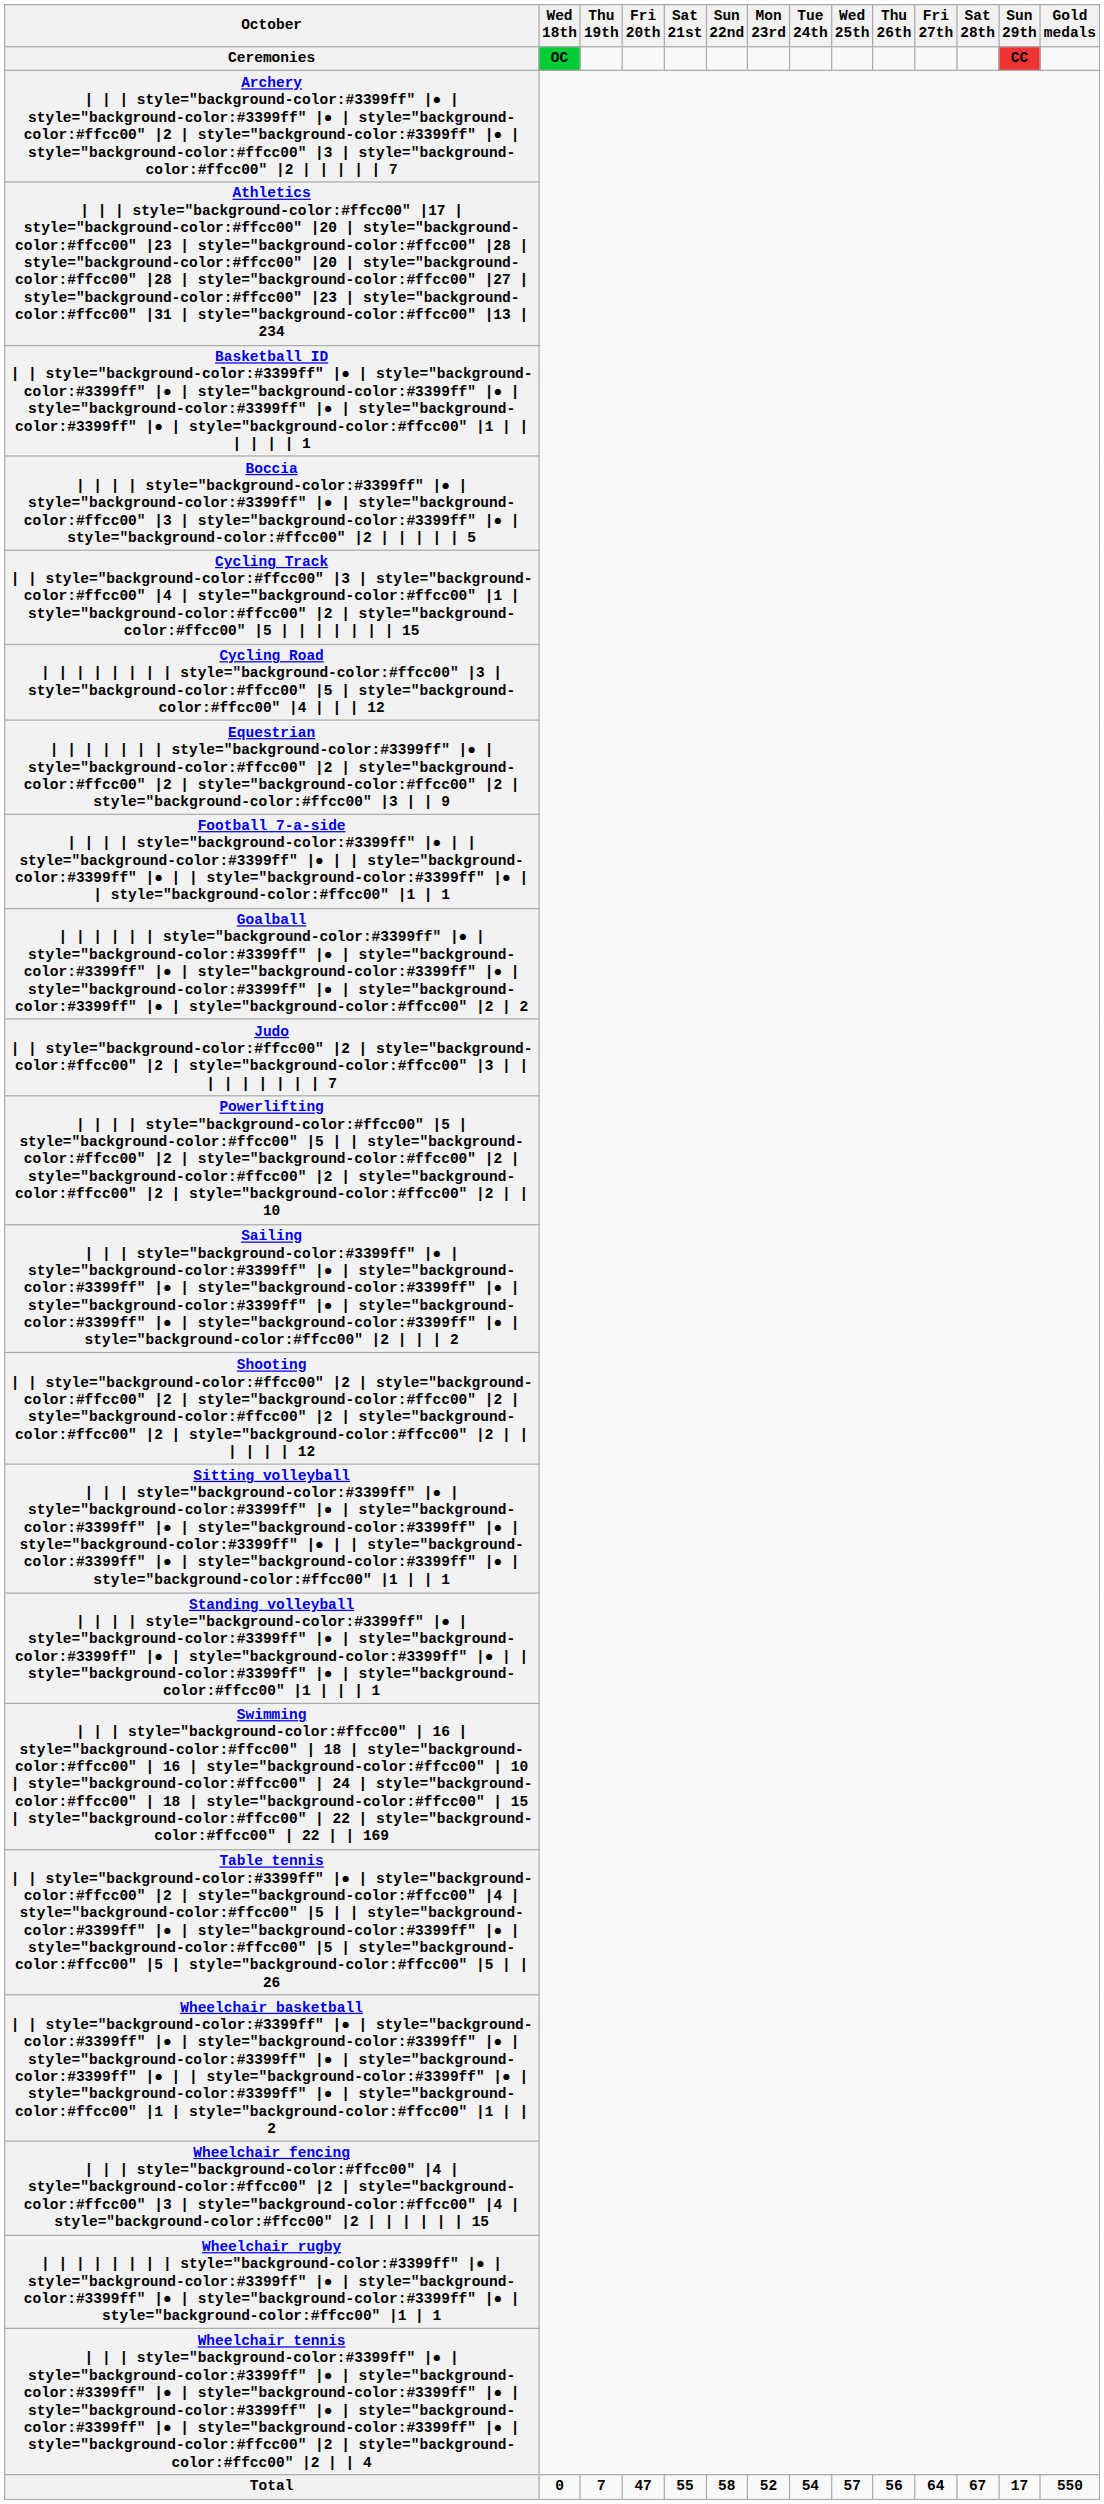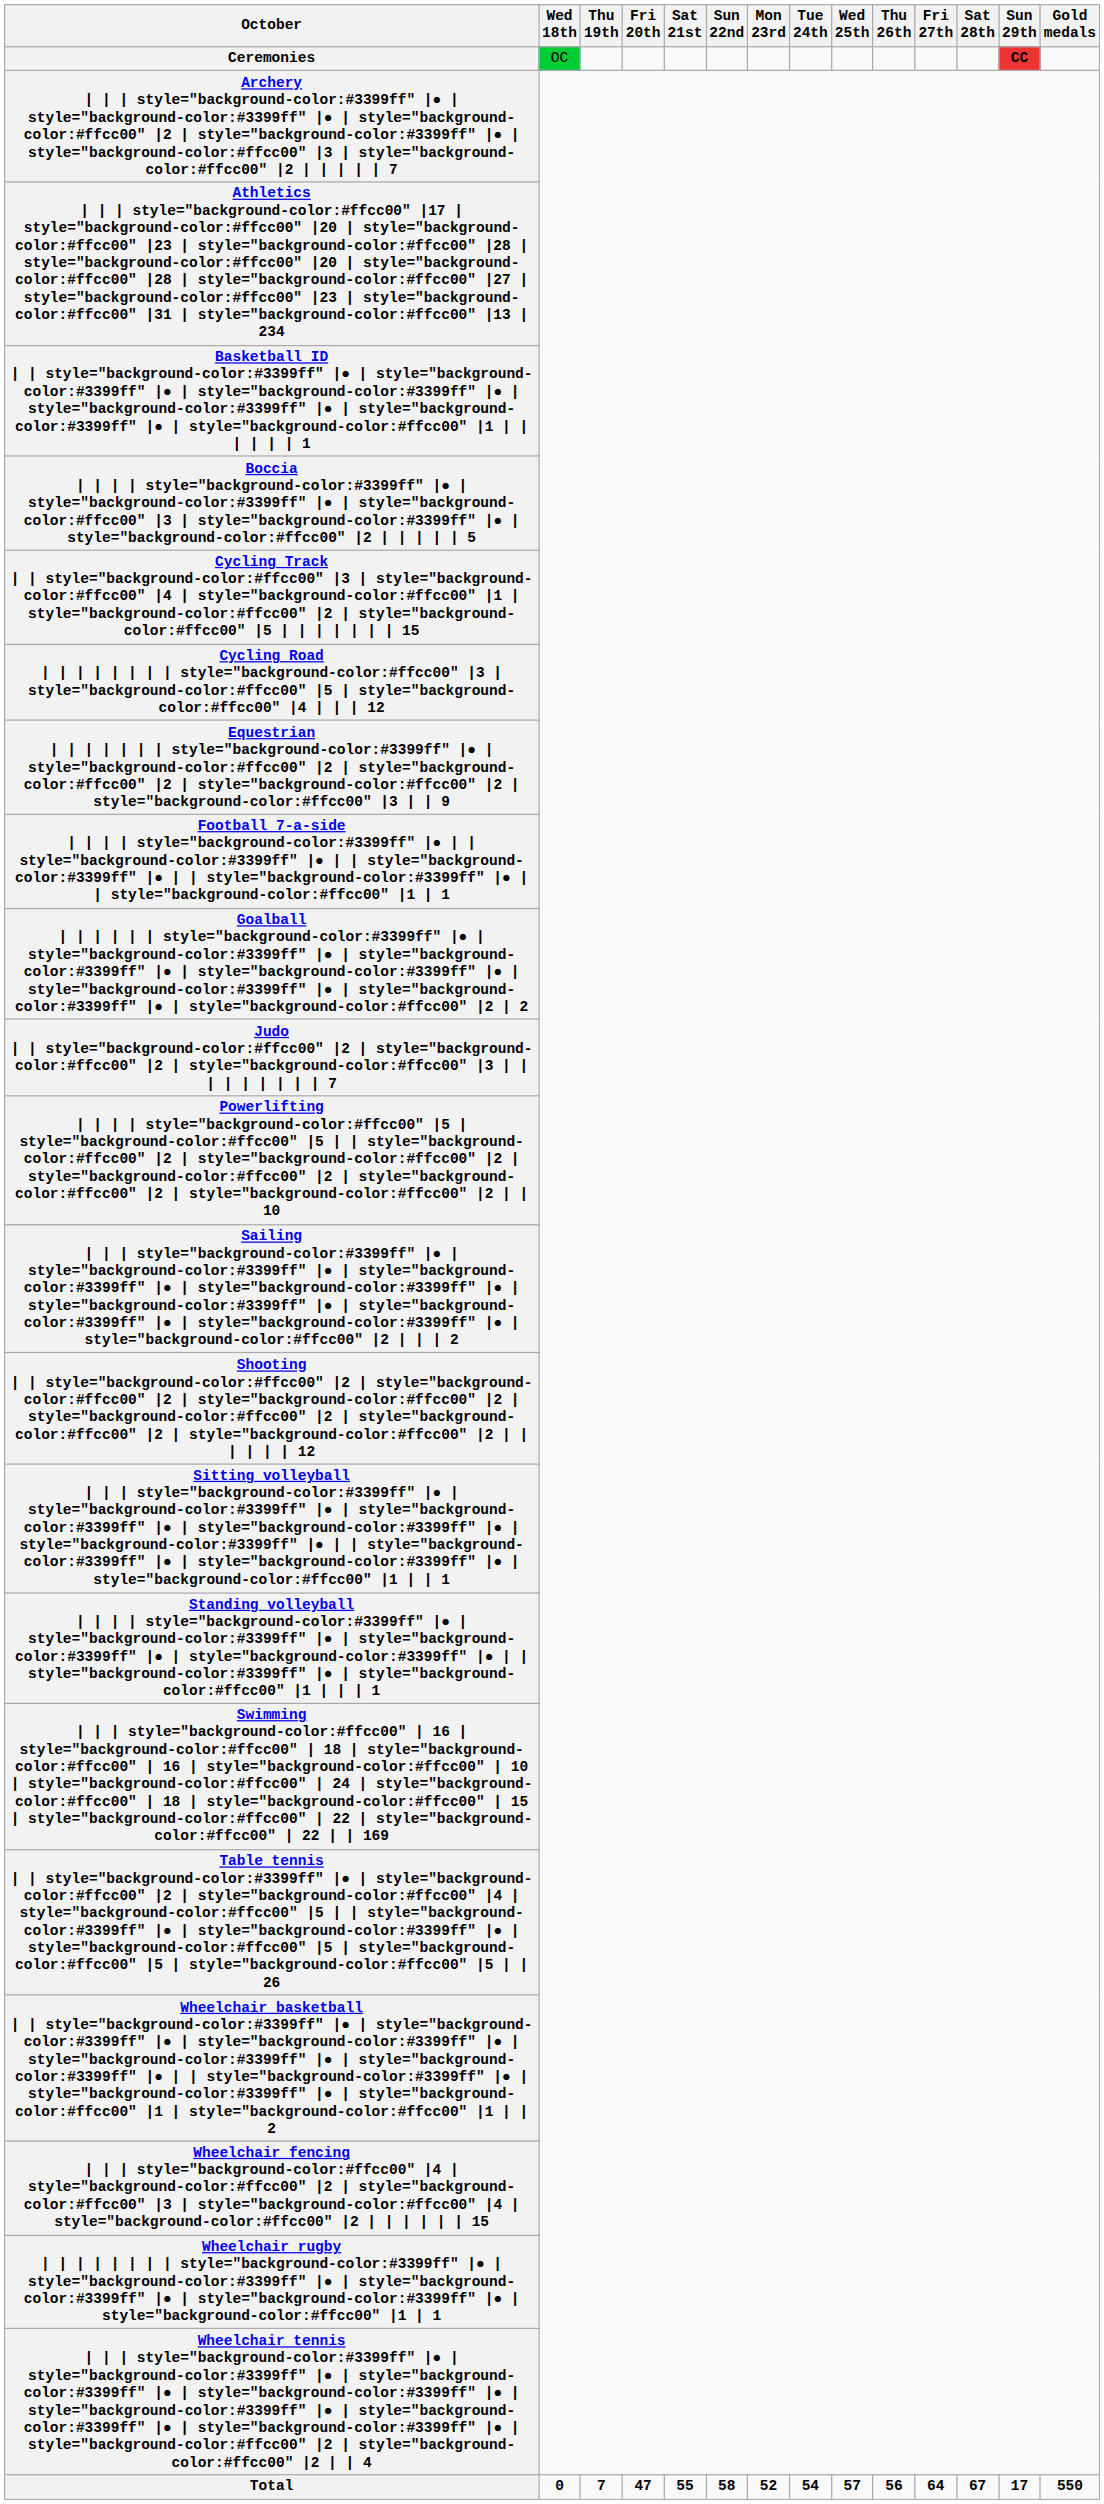 <table class="wikitable plainrowheaders" style="text-align:center; margin:0.5em auto; font-size:90%;">
 <tr>
 <th scope="col">October</th>
 <th scope="col">Wed<br>18th</th>
 <th scope="col">Thu<br>19th</th>
 <th scope="col">Fri<br>20th</th>
 <th scope="col">Sat<br>21st</th>
 <th scope="col">Sun<br>22nd</th>
 <th scope="col">Mon<br>23rd</th>
 <th scope="col">Tue<br>24th</th>
 <th scope="col">Wed<br>25th</th>
 <th scope="col">Thu<br>26th</th>
 <th scope="col">Fri<br>27th</th>
 <th scope="col">Sat<br>28th</th>
 <th scope="col">Sun<br>29th</th>
 <th scope="col">Gold<br>medals</th>
 </tr>
 <tr>
 <th scope="row">Ceremonies</th>
-<td style="background-color:#00cc33"><strong>OC</strong></td>
+<td style="background-color:#00cc33">OC</td>
 <td></td>
 <td></td>
 <td></td>
 <td></td>
 <td></td>
 <td></td>
 <td></td>
 <td></td>
 <td></td>
 <td></td>
 <td style="background-color:#ee3333"><strong>CC</strong></td>
 <td></td>
 </tr>
 <tr>
 <th scope="row"><a href='#'>Archery</a><br>| | | style="background-color:#3399ff" |● | style="background-color:#3399ff" |● | style="background-color:#ffcc00" |2 | style="background-color:#3399ff" |● | style="background-color:#ffcc00" |3 | style="background-color:#ffcc00" |2 | | | | | 7</th>
 </tr>
 <tr>
 <th scope="row"><a href='#'>Athletics</a><br>| | | style="background-color:#ffcc00" |17 | style="background-color:#ffcc00" |20 | style="background-color:#ffcc00" |23 | style="background-color:#ffcc00" |28 | style="background-color:#ffcc00" |20 | style="background-color:#ffcc00" |28 | style="background-color:#ffcc00" |27 | style="background-color:#ffcc00" |23 | style="background-color:#ffcc00" |31 | style="background-color:#ffcc00" |13 | 234</th>
 </tr>
 <tr>
 <th scope="row"><a href='#'>Basketball ID</a><br>| | style="background-color:#3399ff" |● | style="background-color:#3399ff" |● | style="background-color:#3399ff" |● | style="background-color:#3399ff" |● | style="background-color:#3399ff" |● | style="background-color:#ffcc00" |1 | | | | | | 1</th>
 </tr>
 <tr>
 <th scope="row"><a href='#'>Boccia</a><br>| | | | style="background-color:#3399ff" |● | style="background-color:#3399ff" |● | style="background-color:#ffcc00" |3 | style="background-color:#3399ff" |● | style="background-color:#ffcc00" |2 | | | | | 5</th>
 </tr>
 <tr>
 <th scope="row"><a href='#'>Cycling Track</a><br>| | style="background-color:#ffcc00" |3 | style="background-color:#ffcc00" |4 | style="background-color:#ffcc00" |1 | style="background-color:#ffcc00" |2 | style="background-color:#ffcc00" |5 | | | | | | | 15</th>
 </tr>
 <tr>
 <th scope="row"><a href='#'>Cycling Road</a><br>| | | | | | | | style="background-color:#ffcc00" |3 | style="background-color:#ffcc00" |5 | style="background-color:#ffcc00" |4 | | | 12</th>
 </tr>
 <tr>
 <th scope="row"><a href='#'>Equestrian</a><br>| | | | | | | style="background-color:#3399ff" |● | style="background-color:#ffcc00" |2 | style="background-color:#ffcc00" |2 | style="background-color:#ffcc00" |2 | style="background-color:#ffcc00" |3 | | 9</th>
 </tr>
 <tr>
 <th scope="row"><a href='#'>Football 7-a-side</a><br>| | | | style="background-color:#3399ff" |● | | style="background-color:#3399ff" |● | | style="background-color:#3399ff" |● | | style="background-color:#3399ff" |● | | style="background-color:#ffcc00" |1 | 1</th>
 </tr>
 <tr>
 <th scope="row"><a href='#'>Goalball</a><br>| | | | | | style="background-color:#3399ff" |● | style="background-color:#3399ff" |● | style="background-color:#3399ff" |● | style="background-color:#3399ff" |● | style="background-color:#3399ff" |● | style="background-color:#3399ff" |● | style="background-color:#ffcc00" |2 | 2</th>
 </tr>
 <tr>
 <th scope="row"><a href='#'>Judo</a><br>| | style="background-color:#ffcc00" |2 | style="background-color:#ffcc00" |2 | style="background-color:#ffcc00" |3 | | | | | | | | | 7</th>
 </tr>
 <tr>
 <th scope="row"><a href='#'>Powerlifting</a><br>| | | | style="background-color:#ffcc00" |5 | style="background-color:#ffcc00" |5 | | style="background-color:#ffcc00" |2 | style="background-color:#ffcc00" |2 | style="background-color:#ffcc00" |2 | style="background-color:#ffcc00" |2 | style="background-color:#ffcc00" |2 | | 10</th>
 </tr>
 <tr>
 <th scope="row"><a href='#'>Sailing</a><br>| | | style="background-color:#3399ff" |● | style="background-color:#3399ff" |● | style="background-color:#3399ff" |● | style="background-color:#3399ff" |● | style="background-color:#3399ff" |● | style="background-color:#3399ff" |● | style="background-color:#3399ff" |● | style="background-color:#ffcc00" |2 | | | 2</th>
 </tr>
 <tr>
 <th scope="row"><a href='#'>Shooting</a><br>| | style="background-color:#ffcc00" |2 | style="background-color:#ffcc00" |2 | style="background-color:#ffcc00" |2 | style="background-color:#ffcc00" |2 | style="background-color:#ffcc00" |2 | style="background-color:#ffcc00" |2 | | | | | | 12</th>
 </tr>
 <tr>
 <th scope="row"><a href='#'>Sitting volleyball</a><br>| | | style="background-color:#3399ff" |● | style="background-color:#3399ff" |● | style="background-color:#3399ff" |● | style="background-color:#3399ff" |● | style="background-color:#3399ff" |● | | style="background-color:#3399ff" |● | style="background-color:#3399ff" |● | style="background-color:#ffcc00" |1 |  | 1</th>
 </tr>
 <tr>
 <th scope="row"><a href='#'>Standing volleyball</a><br>| | | | style="background-color:#3399ff" |● | style="background-color:#3399ff" |● | style="background-color:#3399ff" |● | style="background-color:#3399ff" |● | | style="background-color:#3399ff" |● | style="background-color:#ffcc00" |1 | | | 1</th>
 </tr>
 <tr>
 <th scope="row"><a href='#'>Swimming</a><br>| | | style="background-color:#ffcc00" | 16 | style="background-color:#ffcc00" | 18 | style="background-color:#ffcc00" | 16 | style="background-color:#ffcc00" | 10 | style="background-color:#ffcc00" | 24 | style="background-color:#ffcc00" | 18 | style="background-color:#ffcc00" | 15 | style="background-color:#ffcc00" | 22 | style="background-color:#ffcc00" | 22 |  | 169</th>
 </tr>
 <tr>
 <th scope="row"><a href='#'>Table tennis</a><br>| | style="background-color:#3399ff" |● | style="background-color:#ffcc00" |2 | style="background-color:#ffcc00" |4 | style="background-color:#ffcc00" |5 | | style="background-color:#3399ff" |● | style="background-color:#3399ff" |● | style="background-color:#ffcc00" |5 | style="background-color:#ffcc00" |5 | style="background-color:#ffcc00" |5 |  | 26</th>
 </tr>
 <tr>
 <th scope="row"><a href='#'>Wheelchair basketball</a><br>| | style="background-color:#3399ff" |● | style="background-color:#3399ff" |● | style="background-color:#3399ff" |● | style="background-color:#3399ff" |● | style="background-color:#3399ff" |● | | style="background-color:#3399ff" |● | style="background-color:#3399ff" |● | style="background-color:#ffcc00" |1 | style="background-color:#ffcc00" |1 | | 2</th>
 </tr>
 <tr>
 <th scope="row"><a href='#'>Wheelchair fencing</a><br>| | | style="background-color:#ffcc00" |4 | style="background-color:#ffcc00" |2 | style="background-color:#ffcc00" |3 | style="background-color:#ffcc00" |4 | style="background-color:#ffcc00" |2 | | | | | | 15</th>
 </tr>
 <tr>
 <th scope="row"><a href='#'>Wheelchair rugby</a><br>| | | | | | | | style="background-color:#3399ff" |● | style="background-color:#3399ff" |● | style="background-color:#3399ff" |● | style="background-color:#3399ff" |● | style="background-color:#ffcc00" |1 | 1</th>
 </tr>
 <tr>
 <th scope="row"><a href='#'>Wheelchair tennis</a><br>| | | style="background-color:#3399ff" |● | style="background-color:#3399ff" |● | style="background-color:#3399ff" |● | style="background-color:#3399ff" |● | style="background-color:#3399ff" |● | style="background-color:#3399ff" |● | style="background-color:#3399ff" |● | style="background-color:#ffcc00" |2 | style="background-color:#ffcc00" |2 | | 4</th>
 </tr>
 <tr style="font-weight:bold">
 <th scope="row"><strong>Total</strong></th>
 <td>0</td>
 <td>7</td>
 <td>47</td>
 <td>55</td>
 <td>58</td>
 <td>52</td>
 <td>54</td>
 <td>57</td>
 <td>56</td>
 <td>64</td>
 <td>67</td>
 <td>17</td>
 <td>550</td>
 </tr>
 </table>
